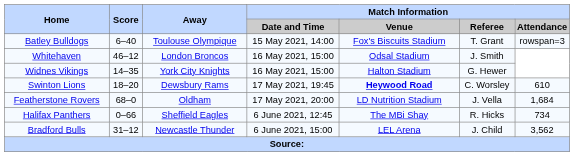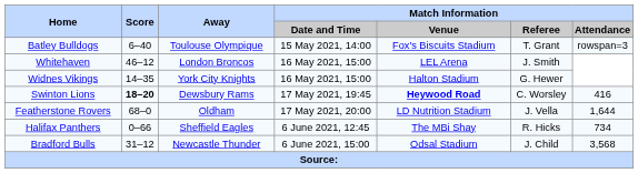 <table border=1 style="border-collapse:collapse; font-size:90%; text-align:center;" cellpadding=3 cellspacing=0 width=100%>
 <tr style="background:#c1d8ff;">
 <th scope="col" rowspan=2 width=19%>Home</th>
 <th scope="col" rowspan=2 width=6%>Score</th>
 <th scope="col" rowspan=2 width=19%>Away</th>
 <th colspan=6>Match Information</th>
 </tr>
 <tr style="background:#cccccc;">
 <th scope="col" width=17%>Date and Time</th>
 <th scope="col" width=22%>Venue</th>
 <th scope="col" width=10%>Referee</th>
 <th scope="col" width=7%>Attendance</th>
 </tr>
 <tr style="background:#f5faff;">
 <td> <a href='#'>Batley Bulldogs</a></td>
 <td>6–40</td>
 <td> <a href='#'>Toulouse Olympique</a></td>
 <td>15 May 2021, 14:00</td>
 <td><a href='#'>Fox's Biscuits Stadium</a></td>
 <td>T. Grant</td>
 <td>rowspan=3</td>
 </tr>
 <tr style="background:#f5faff;">
 <td> <a href='#'>Whitehaven</a></td>
 <td>46–12</td>
 <td> <a href='#'>London Broncos</a></td>
 <td>16 May 2021, 15:00</td>
-<td><a href='#'>Odsal Stadium</a></td>
+<td><a href='#'>LEL Arena</a></td>
 <td>J. Smith</td>
 </tr>
 <tr style="background:#f5faff;">
 <td> <a href='#'>Widnes Vikings</a></td>
 <td>14–35</td>
 <td> <a href='#'>York City Knights</a></td>
 <td>16 May 2021, 15:00</td>
 <td><a href='#'>Halton Stadium</a></td>
 <td>G. Hewer</td>
 </tr>
 <tr style="background:#f5faff;">
 <td> <a href='#'>Swinton Lions</a></td>
-<td>18–20</td>
+<td><strong>18–20</strong></td>
 <td> <a href='#'>Dewsbury Rams</a></td>
 <td>17 May 2021, 19:45</td>
 <td><strong><a href='#'>Heywood Road</a></strong></td>
 <td>C. Worsley</td>
-<td>610</td>
+<td>416</td>
 </tr>
 <tr style="background:#f5faff;">
 <td> <a href='#'>Featherstone Rovers</a></td>
 <td>68–0</td>
 <td> <a href='#'>Oldham</a></td>
 <td>17 May 2021, 20:00</td>
 <td><a href='#'>LD Nutrition Stadium</a></td>
 <td>J. Vella</td>
-<td>1,684</td>
+<td>1,644</td>
 </tr>
 <tr style="background:#f5faff;">
 <td> <a href='#'>Halifax Panthers</a></td>
 <td>0–66</td>
 <td> <a href='#'>Sheffield Eagles</a></td>
 <td>6 June 2021, 12:45</td>
 <td><a href='#'>The MBi Shay</a></td>
 <td>R. Hicks</td>
 <td>734</td>
 </tr>
 <tr style="background:#f5faff;">
 <td> <a href='#'>Bradford Bulls</a></td>
 <td>31–12</td>
 <td> <a href='#'>Newcastle Thunder</a></td>
 <td>6 June 2021, 15:00</td>
-<td><a href='#'>LEL Arena</a></td>
+<td><a href='#'>Odsal Stadium</a></td>
 <td>J. Child</td>
-<td>3,562</td>
+<td>3,568</td>
 </tr>
 <tr style="background:#c1d8ff;">
 <th colspan=7>Source:</th>
 </tr>
 </table>
